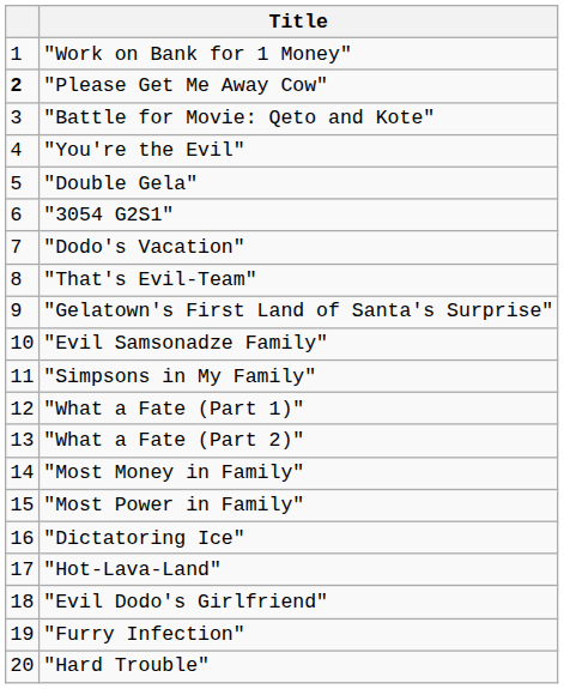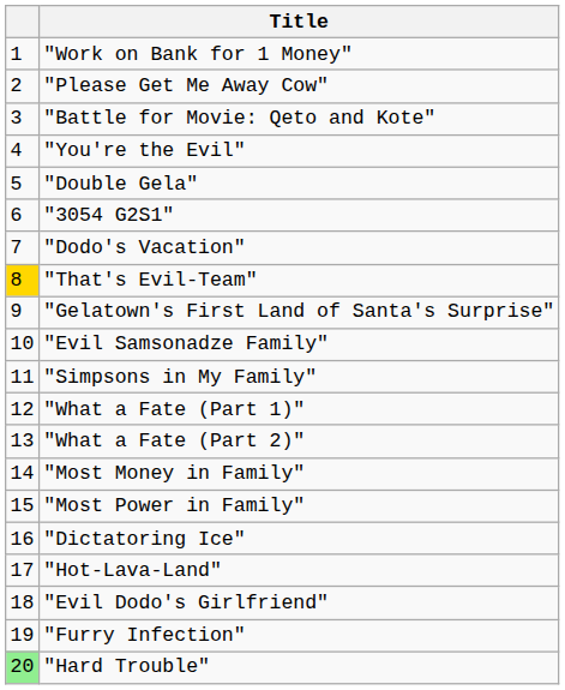 <table class="wikitable">
 <tr>
 <th></th>
 <th>Title</th>
 </tr>
 <tr>
 <td>1</td>
 <td>"Work on Bank for 1 Money"</td>
 </tr>
 <tr>
-<td><strong>2</strong></td>
+<td>2</td>
 <td>"Please Get Me Away Cow"</td>
 </tr>
 <tr>
 <td>3</td>
 <td>"Battle for Movie: Qeto and Kote"</td>
 </tr>
 <tr>
 <td>4</td>
 <td>"You're the Evil"</td>
 </tr>
 <tr>
 <td>5</td>
 <td>"Double Gela"</td>
 </tr>
 <tr>
 <td>6</td>
 <td>"3054 G2S1"</td>
 </tr>
 <tr>
 <td>7</td>
 <td>"Dodo's Vacation"</td>
 </tr>
 <tr>
-<td>8</td>
+<td style="background: gold;">8</td>
 <td>"That's Evil-Team"</td>
 </tr>
 <tr>
 <td>9</td>
 <td>"Gelatown's First Land of Santa's Surprise"</td>
 </tr>
 <tr>
 <td>10</td>
 <td>"Evil Samsonadze Family"</td>
 </tr>
 <tr>
 <td>11</td>
 <td>"Simpsons in My Family"</td>
 </tr>
 <tr>
 <td>12</td>
 <td>"What a Fate (Part 1)"</td>
 </tr>
 <tr>
 <td>13</td>
 <td>"What a Fate (Part 2)"</td>
 </tr>
 <tr>
 <td>14</td>
 <td>"Most Money in Family"</td>
 </tr>
 <tr>
 <td>15</td>
 <td>"Most Power in Family"</td>
 </tr>
 <tr>
 <td>16</td>
 <td>"Dictatoring Ice"</td>
 </tr>
 <tr>
 <td>17</td>
 <td>"Hot-Lava-Land"</td>
 </tr>
 <tr>
 <td>18</td>
 <td>"Evil Dodo's Girlfriend"</td>
 </tr>
 <tr>
 <td>19</td>
 <td>"Furry Infection"</td>
 </tr>
 <tr>
-<td>20</td>
+<td style="background: lightgreen;">20</td>
 <td>"Hard Trouble"</td>
 </tr>
 </table>
